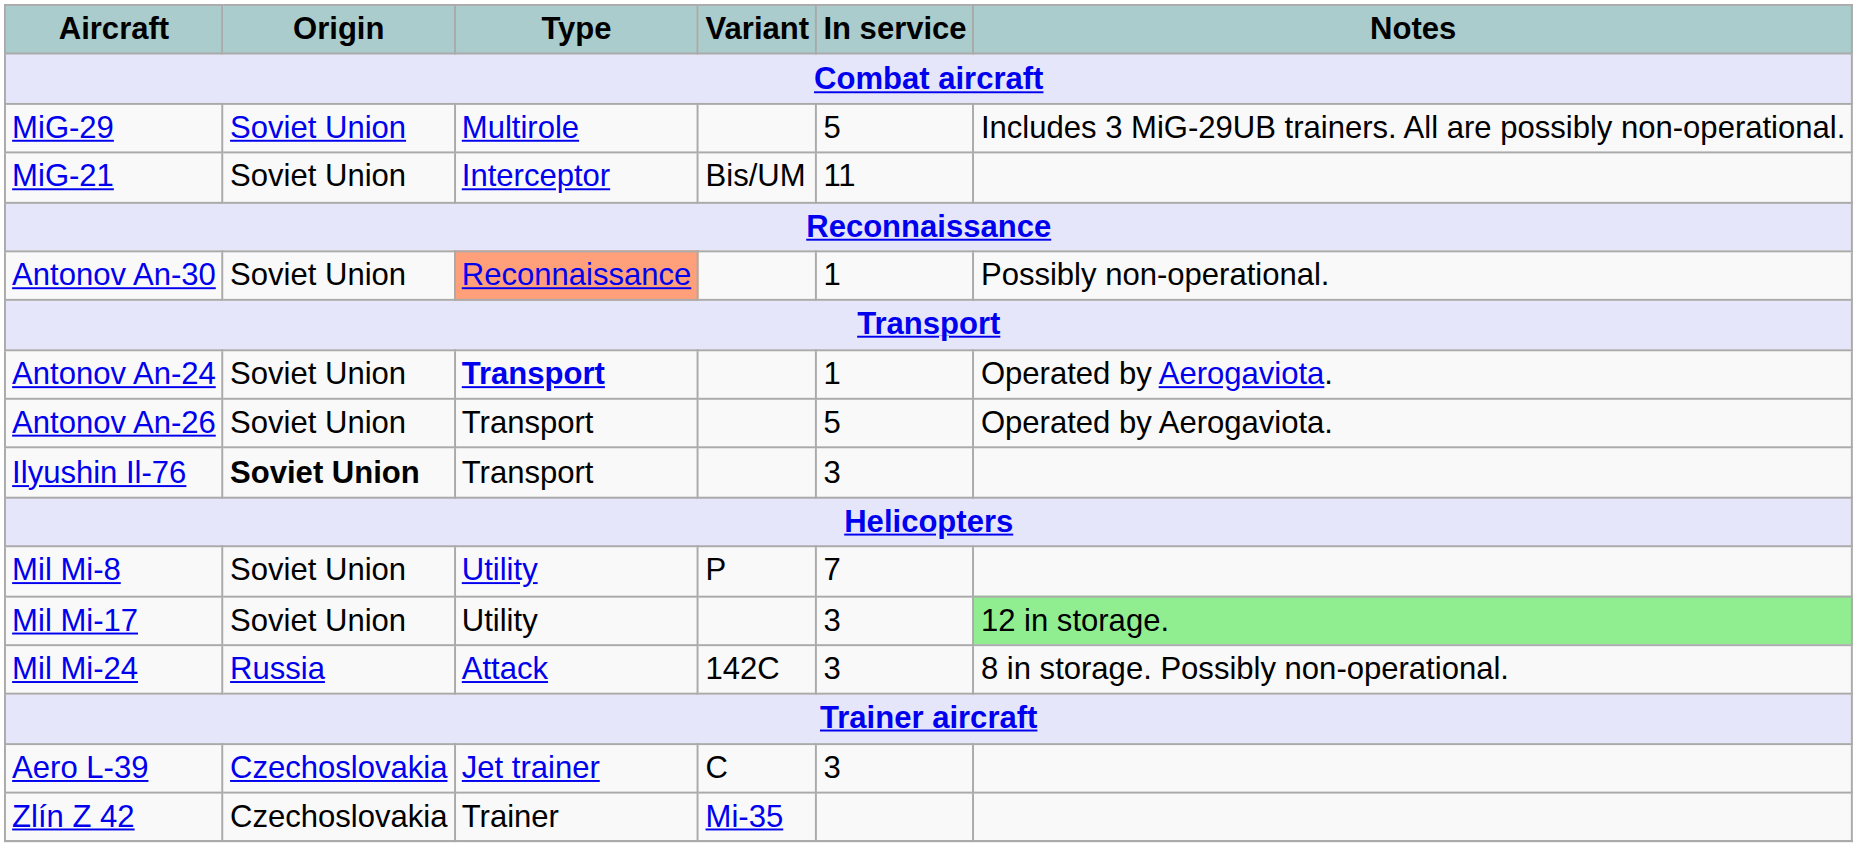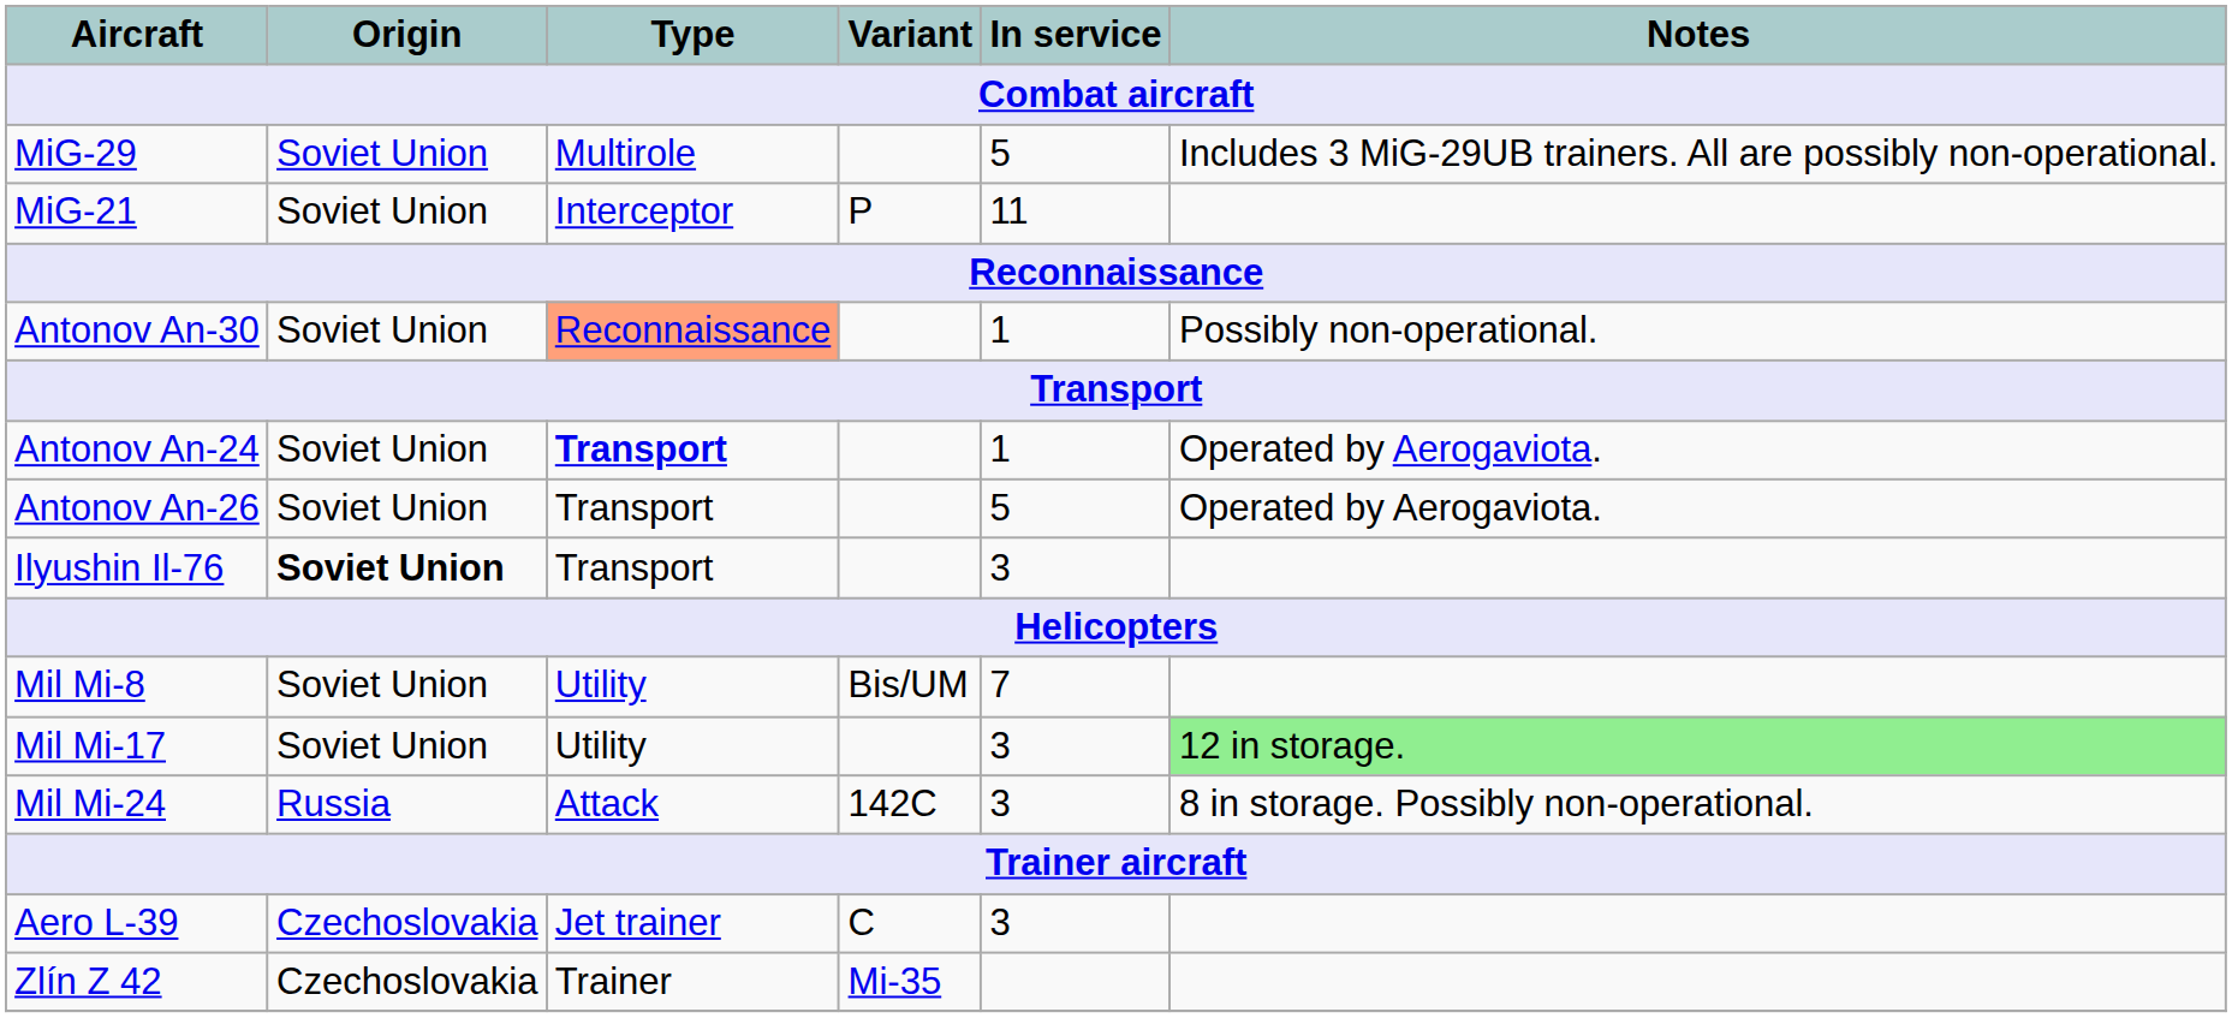 <table class="wikitable">
 <tr>
 <th style="text-align:center; background:#acc;">Aircraft</th>
 <th style="text-align: center; background:#acc;">Origin</th>
 <th style="text-align:l center; background:#acc;">Type</th>
 <th style="text-align:left; background:#acc;">Variant</th>
 <th style="text-align:center; background:#acc;">In service</th>
 <th style="text-align: center; background:#acc;">Notes</th>
 </tr>
 <tr>
 <th style="align: center; background: lavender;" colspan="7"><a href='#'>Combat aircraft</a></th>
 </tr>
 <tr>
 <td><a href='#'>MiG-29</a></td>
 <td><a href='#'>Soviet Union</a></td>
 <td><a href='#'>Multirole</a></td>
 <td></td>
 <td>5</td>
 <td>Includes 3 MiG-29UB trainers. All are possibly non-operational.</td>
 </tr>
 <tr>
 <td><a href='#'>MiG-21</a></td>
 <td>Soviet Union</td>
 <td><a href='#'>Interceptor</a></td>
-<td>Bis/UM</td>
+<td>P</td>
 <td>11</td>
 <td></td>
 </tr>
 <tr>
 <th style="align: center; background: lavender;" colspan="7"><a href='#'>Reconnaissance</a></th>
 </tr>
 <tr>
 <td><a href='#'>Antonov An-30</a></td>
 <td>Soviet Union</td>
 <td style="background: lightsalmon;"><a href='#'>Reconnaissance</a></td>
 <td></td>
 <td>1</td>
 <td>Possibly non-operational.</td>
 </tr>
 <tr>
 <th style="align: center; background: lavender;" colspan="7"><a href='#'>Transport</a></th>
 </tr>
 <tr>
 <td><a href='#'>Antonov An-24</a></td>
 <td>Soviet Union</td>
 <td><strong><a href='#'>Transport</a></strong></td>
 <td></td>
 <td>1</td>
 <td>Operated by <a href='#'>Aerogaviota</a>.</td>
 </tr>
 <tr>
 <td><a href='#'>Antonov An-26</a></td>
 <td>Soviet Union</td>
 <td>Transport</td>
 <td></td>
 <td>5</td>
 <td>Operated by Aerogaviota.</td>
 </tr>
 <tr>
 <td><a href='#'>Ilyushin Il-76</a></td>
 <td><strong>Soviet Union</strong></td>
 <td>Transport</td>
 <td></td>
 <td>3</td>
 <td></td>
 </tr>
 <tr>
 <th style="align: center; background: lavender;" colspan="7"><a href='#'>Helicopters</a></th>
 </tr>
 <tr>
 <td><a href='#'>Mil Mi-8</a></td>
 <td>Soviet Union</td>
 <td><a href='#'>Utility</a></td>
-<td>P</td>
+<td>Bis/UM</td>
 <td>7</td>
 <td></td>
 </tr>
 <tr>
 <td><a href='#'>Mil Mi-17</a></td>
 <td>Soviet Union</td>
 <td>Utility</td>
 <td></td>
 <td>3</td>
 <td style="background: lightgreen;">12 in storage.</td>
 </tr>
 <tr>
 <td><a href='#'>Mil Mi-24</a></td>
 <td><a href='#'>Russia</a></td>
 <td><a href='#'>Attack</a></td>
 <td>142C</td>
 <td>3</td>
 <td>8 in storage. Possibly non-operational.</td>
 </tr>
 <tr>
 <th style="align: center; background: lavender;" colspan="7"><a href='#'>Trainer aircraft</a></th>
 </tr>
 <tr>
 <td><a href='#'>Aero L-39</a></td>
 <td><a href='#'>Czechoslovakia</a></td>
 <td><a href='#'>Jet trainer</a></td>
 <td>C</td>
 <td>3</td>
 <td></td>
 </tr>
 <tr>
 <td><a href='#'>Zlín Z 42</a></td>
 <td>Czechoslovakia</td>
 <td>Trainer</td>
 <td><a href='#'>Mi-35</a></td>
 <td></td>
 <td></td>
 </tr>
 <tr>
 </tr>
 </table>
